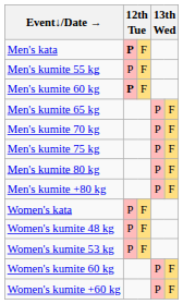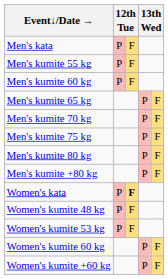 <table class="wikitable" style="margin:0.5em auto; font-size:90%; line-height:1.25em; text-align:center;">
 <tr>
 <th>Event↓/Date →</th>
 <th colspan=2>12th<br>Tue</th>
 <th colspan=2>13th<br>Wed</th>
 </tr>
 <tr>
 <td align="left"><a href='#'>Men's kata</a></td>
-<td bgcolor="#FFBBBB"><strong>P</strong></td>
+<td bgcolor="#FFBBBB">P</td>
 <td bgcolor="#FFDF80">F</td>
 <td colspan=2></td>
 </tr>
 <tr>
 <td align="left"><a href='#'>Men's kumite 55 kg</a></td>
 <td bgcolor="#FFBBBB">P</td>
 <td bgcolor="#FFDF80">F</td>
 <td colspan=2></td>
 </tr>
 <tr>
 <td align="left"><a href='#'>Men's kumite 60 kg</a></td>
-<td bgcolor="#FFBBBB"><strong>P</strong></td>
+<td bgcolor="#FFBBBB">P</td>
 <td bgcolor="#FFDF80">F</td>
 <td colspan=2></td>
 </tr>
 <tr>
 <td align="left"><a href='#'>Men's kumite 65 kg</a></td>
 <td colspan=2></td>
 <td bgcolor="#FFBBBB">P</td>
 <td bgcolor="#FFDF80">F</td>
 </tr>
 <tr>
 <td align="left"><a href='#'>Men's kumite 70 kg</a></td>
 <td colspan=2></td>
 <td bgcolor="#FFBBBB">P</td>
 <td bgcolor="#FFDF80">F</td>
 </tr>
 <tr>
 <td align="left"><a href='#'>Men's kumite 75 kg</a></td>
 <td colspan=2></td>
 <td bgcolor="#FFBBBB">P</td>
 <td bgcolor="#FFDF80">F</td>
 </tr>
 <tr>
 <td align="left"><a href='#'>Men's kumite 80 kg</a></td>
 <td colspan=2></td>
 <td bgcolor="#FFBBBB">P</td>
 <td bgcolor="#FFDF80">F</td>
 </tr>
 <tr>
 <td align="left"><a href='#'>Men's kumite +80 kg</a></td>
 <td colspan=2></td>
 <td bgcolor="#FFBBBB">P</td>
 <td bgcolor="#FFDF80">F</td>
 </tr>
 <tr>
 <td align="left"><a href='#'>Women's kata</a></td>
 <td bgcolor="#FFBBBB">P</td>
-<td bgcolor="#FFDF80">F</td>
+<td bgcolor="#FFDF80"><strong>F</strong></td>
 <td colspan=2></td>
 </tr>
 <tr>
 <td align="left"><a href='#'>Women's kumite 48 kg</a></td>
 <td bgcolor="#FFBBBB">P</td>
 <td bgcolor="#FFDF80">F</td>
 <td colspan=2></td>
 </tr>
 <tr>
 <td align="left"><a href='#'>Women's kumite 53 kg</a></td>
 <td bgcolor="#FFBBBB">P</td>
 <td bgcolor="#FFDF80">F</td>
 <td colspan=2></td>
 </tr>
 <tr>
 <td align="left"><a href='#'>Women's kumite 60 kg</a></td>
 <td colspan=2></td>
 <td bgcolor="#FFBBBB">P</td>
 <td bgcolor="#FFDF80">F</td>
 </tr>
 <tr>
 <td align="left"><a href='#'>Women's kumite +60 kg</a></td>
 <td colspan=2></td>
 <td bgcolor="#FFBBBB">P</td>
 <td bgcolor="#FFDF80">F</td>
 </tr>
 </table>
